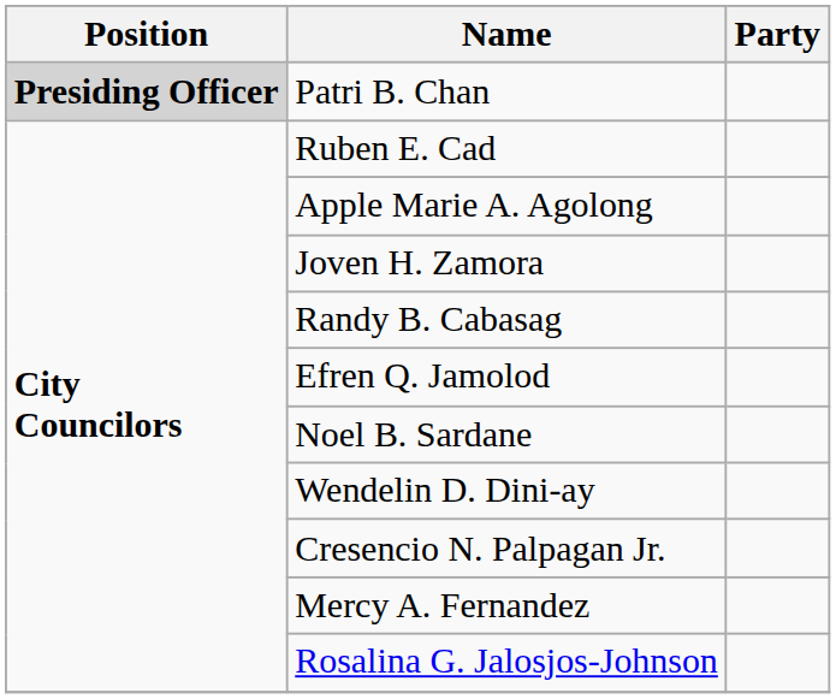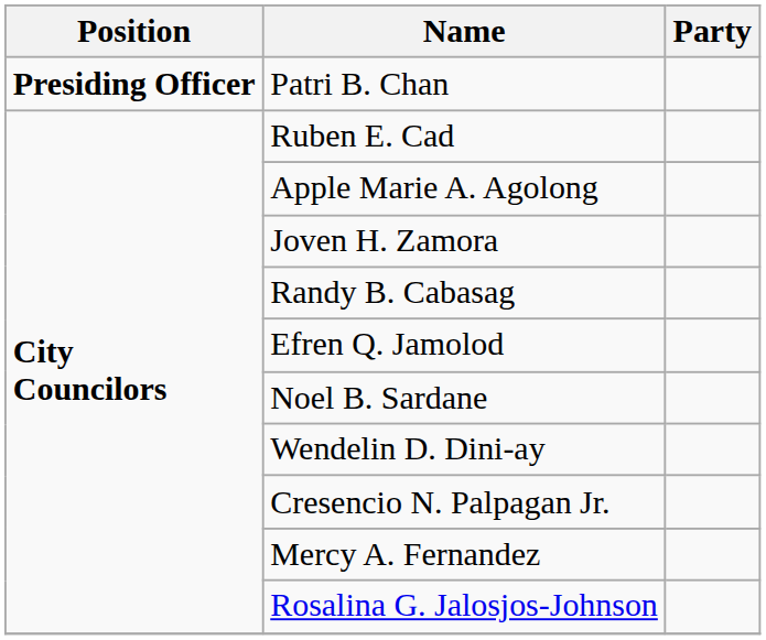 <table class=wikitable>
 <tr>
 <th>Position</th>
 <th>Name</th>
 <th colspan=2>Party</th>
 </tr>
 <tr>
-<td style="background: lightgrey;"><strong>Presiding Officer</strong></td>
+<td><strong>Presiding Officer</strong></td>
 <td>Patri B. Chan</td>
 <td></td>
 </tr>
 <tr>
 <td rowspan=10><strong>City<br>Councilors</strong></td>
 <td>Ruben E. Cad</td>
 <td></td>
 </tr>
 <tr>
 <td>Apple Marie A. Agolong</td>
 <td></td>
 </tr>
 <tr>
 <td>Joven H. Zamora</td>
 <td></td>
 </tr>
 <tr>
 <td>Randy B. Cabasag</td>
 <td></td>
 </tr>
 <tr>
 <td>Efren Q. Jamolod</td>
 <td></td>
 </tr>
 <tr>
 <td>Noel B. Sardane</td>
 <td></td>
 </tr>
 <tr>
 <td>Wendelin D. Dini-ay</td>
 <td></td>
 </tr>
 <tr>
 <td>Cresencio N. Palpagan Jr.</td>
 <td></td>
 </tr>
 <tr>
 <td>Mercy A. Fernandez</td>
 <td></td>
 </tr>
 <tr>
 <td><a href='#'>Rosalina G. Jalosjos-Johnson</a></td>
 <td></td>
 </tr>
 <tr>
 </tr>
 </table>
